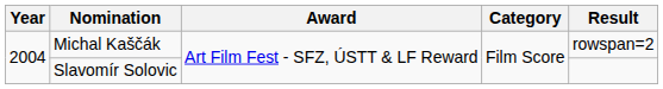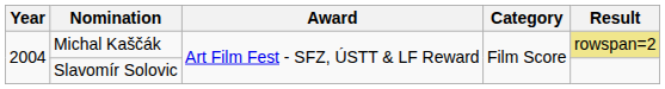 <table class="wikitable">
 <tr>
 <th>Year</th>
 <th>Nomination</th>
 <th>Award</th>
 <th>Category</th>
 <th>Result</th>
 </tr>
 <tr>
 <td rowspan=2>2004</td>
 <td>Michal Kaščák</td>
 <td rowspan=2><a href='#'>Art Film Fest</a> - SFZ, ÚSTT & LF Reward</td>
 <td rowspan=2>Film Score</td>
-<td>rowspan=2 </td>
+<td style="background: khaki;">rowspan=2 </td>
 </tr>
 <tr>
 <td>Slavomír Solovic</td>
 </tr>
 </table>
